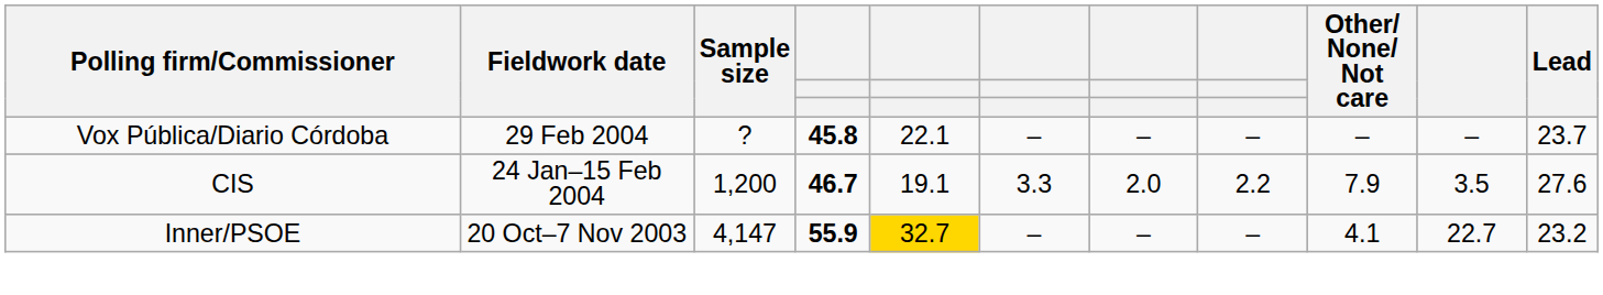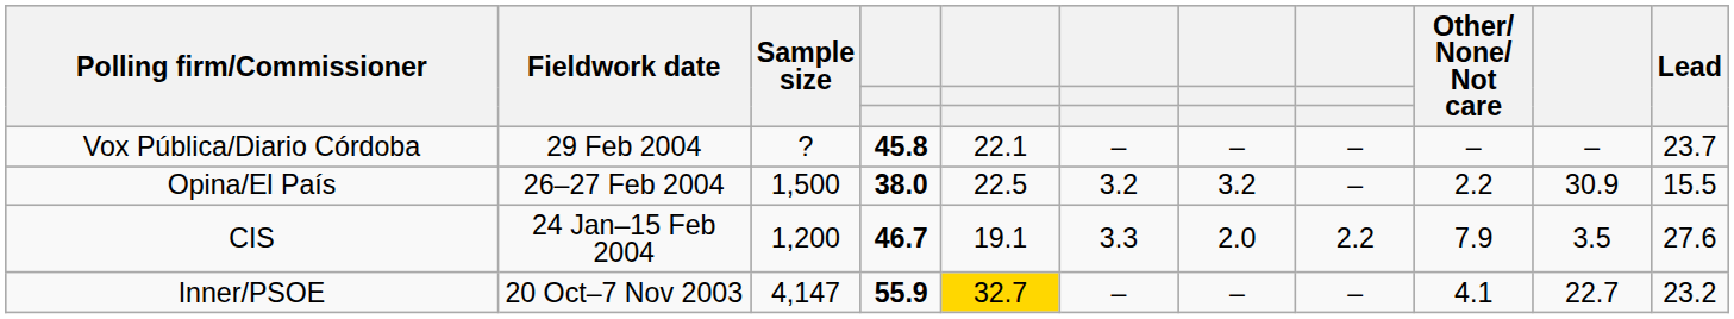 <table class="wikitable collapsible collapsed" style="text-align:center; font-size:90%; line-height:14px;">
 <tr style="height:42px;">
 <th style="width:250px;" rowspan="3">Polling firm/Commissioner</th>
 <th style="width:125px;" rowspan="3">Fieldwork date</th>
 <th style="width:50px;" rowspan="3">Sample size</th>
 <th style="width:35px;"></th>
 <th style="width:55px;"></th>
 <th style="width:55px;"></th>
 <th style="width:55px;"></th>
 <th style="width:55px;"></th>
 <th style="width:55px;" rowspan="3">Other/<br>None/<br>Not<br>care</th>
 <th style="width:55px;" rowspan="3"></th>
 <th style="width:30px;" rowspan="3">Lead</th>
 </tr>
 <tr>
 <th style="color:inherit;background:"></th>
 <th style="color:inherit;background:"></th>
 <th style="color:inherit;background:"></th>
 <th style="color:inherit;background:"></th>
 <th style="color:inherit;background:"></th>
 </tr>
 <tr>
 <th></th>
 <th></th>
 <th></th>
 <th></th>
 <th></th>
 </tr>
 <tr>
 <td>Vox Pública/Diario Córdoba</td>
 <td>29 Feb 2004</td>
 <td>?</td>
 <td><strong>45.8</strong></td>
 <td>22.1</td>
 <td>–</td>
 <td>–</td>
 <td>–</td>
 <td>–</td>
 <td>–</td>
 <td style="background:">23.7</td>
 </tr>
 <tr>
+<td>Opina/El País</td>
+<td>26–27 Feb 2004</td>
+<td>1,500</td>
+<td><strong>38.0</strong></td>
+<td>22.5</td>
+<td>3.2</td>
+<td>3.2</td>
+<td>–</td>
+<td>2.2</td>
+<td>30.9</td>
+<td style="background:">15.5</td>
+</tr>
+<tr>
 <td>CIS</td>
 <td>24 Jan–15 Feb 2004</td>
 <td>1,200</td>
 <td><strong>46.7</strong></td>
 <td>19.1</td>
 <td>3.3</td>
 <td>2.0</td>
 <td>2.2</td>
 <td>7.9</td>
 <td>3.5</td>
 <td style="background:">27.6</td>
 </tr>
 <tr>
 <td>Inner/PSOE</td>
 <td>20 Oct–7 Nov 2003</td>
 <td>4,147</td>
 <td><strong>55.9</strong></td>
 <td style="background: gold;">32.7</td>
 <td>–</td>
 <td>–</td>
 <td>–</td>
 <td>4.1</td>
 <td>22.7</td>
 <td style="background:">23.2</td>
 </tr>
 </table>
